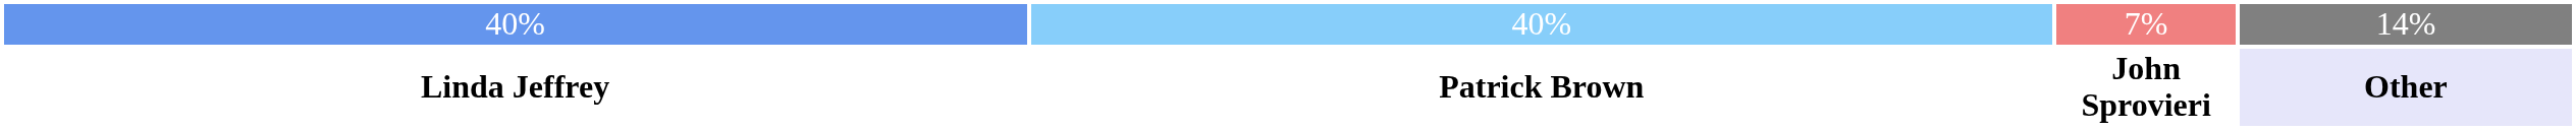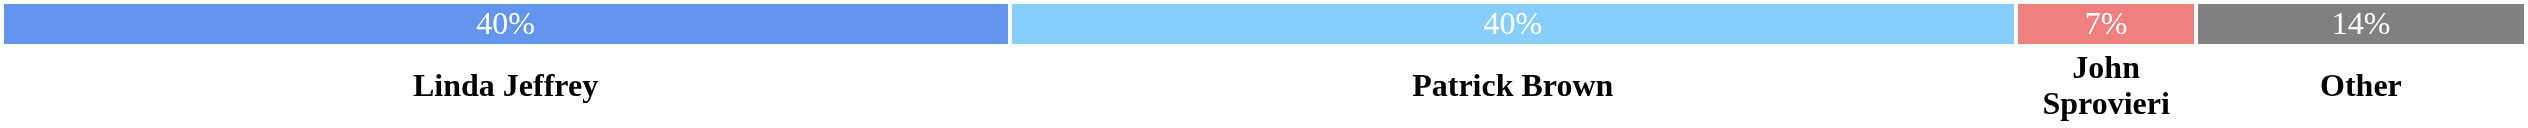 <table style="width:100%; text-align:center;">
 <tr style="color:white;">
 <td style="background:cornflowerblue; width:40%;">40%</td>
 <td style="background:lightskyblue; width:40%;">40%</td>
 <td style="background:lightcoral; width:7%;">7%</td>
 <td style="background:gray; width:14%;">14%</td>
 </tr>
 <tr>
 <td><span><strong>Linda Jeffrey</strong></span></td>
 <td><span><strong>Patrick Brown</strong></span></td>
 <td><span><strong>John Sprovieri</strong></span></td>
-<td style="background: lavender;"><span><strong>Other</strong></span></td>
+<td><span><strong>Other</strong></span></td>
 </tr>
 </table>
